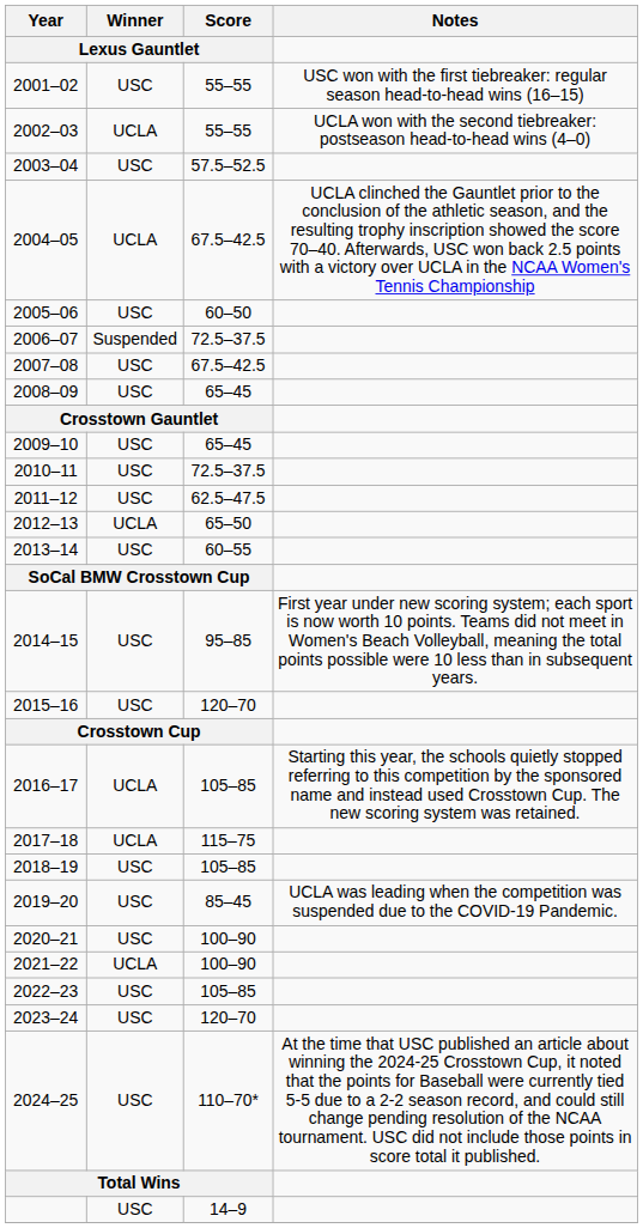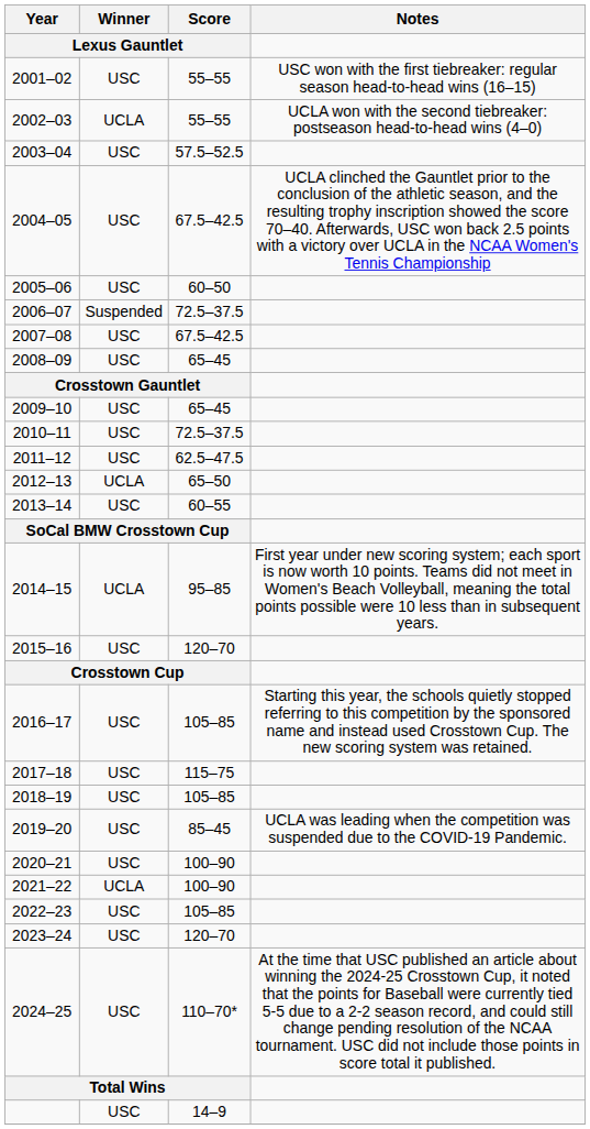 <table class="wikitable" style="text-align:center">
 <tr>
 <th height=17 width=68 style='height:17pt;width:68pt'><strong>Year</strong></th>
 <th width=68 style='width:68pt'><strong>Winner</strong></th>
 <th width=78 style='width:78pt'><strong>Score</strong></th>
 <th width=400 style='width:400pt'><strong>Notes</strong></th>
 </tr>
 <tr>
 <th colspan="3">Lexus Gauntlet</th>
 <td></td>
 </tr>
 <tr>
 <td>2001–02</td>
 <td>USC</td>
 <td>55–55</td>
 <td>USC won with the first tiebreaker: regular season head-to-head wins (16–15)</td>
 </tr>
 <tr>
 <td>2002–03</td>
 <td>UCLA</td>
 <td>55–55</td>
 <td>UCLA won with the second tiebreaker: postseason head-to-head wins (4–0)</td>
 </tr>
 <tr>
 <td>2003–04</td>
 <td>USC</td>
 <td>57.5–52.5</td>
 <td></td>
 </tr>
 <tr>
 <td>2004–05</td>
-<td>UCLA</td>
+<td>USC</td>
 <td>67.5–42.5</td>
 <td>UCLA clinched the Gauntlet prior to the conclusion of the athletic season, and the resulting trophy inscription showed the score 70–40. Afterwards, USC won back 2.5 points with a victory over UCLA in the <a href='#'>NCAA Women's Tennis Championship</a></td>
 </tr>
 <tr>
 <td>2005–06</td>
 <td>USC</td>
 <td>60–50</td>
 <td></td>
 </tr>
 <tr>
 <td>2006–07</td>
 <td>Suspended</td>
 <td>72.5–37.5</td>
 <td></td>
 </tr>
 <tr>
 <td>2007–08</td>
 <td>USC</td>
 <td>67.5–42.5</td>
 <td></td>
 </tr>
 <tr>
 <td>2008–09</td>
 <td>USC</td>
 <td>65–45</td>
 <td></td>
 </tr>
 <tr>
 <th colspan="3">Crosstown Gauntlet</th>
 <td></td>
 </tr>
 <tr>
 <td>2009–10</td>
 <td>USC</td>
 <td>65–45</td>
 <td></td>
 </tr>
 <tr>
 <td>2010–11</td>
 <td>USC</td>
 <td>72.5–37.5</td>
 <td></td>
 </tr>
 <tr>
 <td>2011–12</td>
 <td>USC</td>
 <td>62.5–47.5</td>
 <td></td>
 </tr>
 <tr>
 <td>2012–13</td>
 <td>UCLA</td>
 <td>65–50</td>
 <td></td>
 </tr>
 <tr>
 <td>2013–14</td>
 <td>USC</td>
 <td>60–55</td>
 <td></td>
 </tr>
 <tr>
 <th colspan="3">SoCal BMW Crosstown Cup</th>
 <td></td>
 </tr>
 <tr>
 <td>2014–15</td>
-<td>USC</td>
+<td>UCLA</td>
 <td>95–85</td>
 <td>First year under new scoring system; each sport is now worth 10 points. Teams did not meet in Women's Beach Volleyball, meaning the total points possible were 10 less than in subsequent years.</td>
 </tr>
 <tr>
 <td>2015–16</td>
 <td>USC</td>
 <td>120–70</td>
 <td></td>
 </tr>
 <tr>
 <th colspan="3">Crosstown Cup</th>
 <td></td>
 </tr>
 <tr>
 <td>2016–17</td>
-<td>UCLA</td>
+<td>USC</td>
 <td>105–85</td>
 <td>Starting this year, the schools quietly stopped referring to this competition by the sponsored name and instead used Crosstown Cup. The new scoring system was retained.</td>
 </tr>
 <tr>
 <td>2017–18</td>
-<td>UCLA</td>
+<td>USC</td>
 <td>115–75</td>
 <td></td>
 </tr>
 <tr>
 <td>2018–19</td>
 <td>USC</td>
 <td>105–85</td>
 <td></td>
 </tr>
 <tr>
 <td>2019–20</td>
 <td>USC</td>
 <td>85–45</td>
 <td>UCLA was leading when the competition was suspended due to the COVID-19 Pandemic.</td>
 </tr>
 <tr>
 <td>2020–21</td>
 <td>USC</td>
 <td>100–90</td>
 <td></td>
 </tr>
 <tr>
 <td>2021–22</td>
 <td>UCLA</td>
 <td>100–90</td>
 <td></td>
 </tr>
 <tr>
 <td>2022–23</td>
 <td>USC</td>
 <td>105–85</td>
 <td></td>
 </tr>
 <tr>
 <td>2023–24</td>
 <td>USC</td>
 <td>120–70</td>
 <td></td>
 </tr>
 <tr>
 <td>2024–25</td>
 <td>USC</td>
 <td>110–70*</td>
 <td>At the time that USC published an article about winning the 2024-25 Crosstown Cup, it noted that the points for Baseball were currently tied 5-5 due to a 2-2 season record, and could still change pending resolution of the NCAA tournament. USC did not include those points in score total it published.</td>
 </tr>
 <tr>
 <th colspan="3">Total Wins</th>
 <td></td>
 </tr>
 <tr>
 <td></td>
 <td>USC</td>
 <td>14–9</td>
 <td></td>
 </tr>
 <tr>
 </tr>
 </table>
